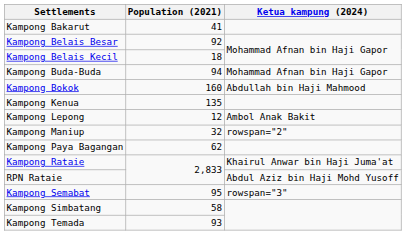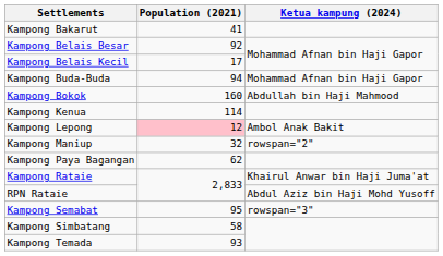 <table class="wikitable">
 <tr>
 <th>Settlements</th>
 <th>Population (2021)</th>
 <th><a href='#'>Ketua kampung</a> (2024)</th>
 </tr>
 <tr>
 <td>Kampong Bakarut</td>
 <td align="right">41</td>
 <td></td>
 </tr>
 <tr>
 <td><a href='#'>Kampong Belais Besar</a></td>
 <td align="right">92</td>
 <td rowspan="2">Mohammad Afnan bin Haji Gapor</td>
 </tr>
 <tr>
 <td><a href='#'>Kampong Belais Kecil</a></td>
-<td align="right">18</td>
+<td align="right">17</td>
 </tr>
 <tr>
 <td>Kampong Buda-Buda</td>
 <td align="right">94</td>
 <td>Mohammad Afnan bin Haji Gapor</td>
 </tr>
 <tr>
 <td><a href='#'>Kampong Bokok</a></td>
 <td align="right">160</td>
 <td>Abdullah bin Haji Mahmood</td>
 </tr>
 <tr>
 <td>Kampong Kenua</td>
-<td align="right">135</td>
+<td align="right">114</td>
 <td></td>
 </tr>
 <tr>
 <td>Kampong Lepong</td>
-<td align="right">12</td>
+<td align="right" style="background: pink;">12</td>
 <td>Ambol Anak Bakit</td>
 </tr>
 <tr>
 <td>Kampong Maniup</td>
 <td align="right">32</td>
 <td>rowspan="2" </td>
 </tr>
 <tr>
 <td>Kampong Paya Bagangan</td>
 <td align="right">62</td>
 </tr>
 <tr>
 <td><a href='#'>Kampong Rataie</a></td>
 <td rowspan="2" align="right">2,833</td>
 <td>Khairul Anwar bin Haji Juma'at</td>
 </tr>
 <tr>
 <td>RPN Rataie</td>
 <td>Abdul Aziz bin Haji Mohd Yusoff</td>
 </tr>
 <tr>
 <td><a href='#'>Kampong Semabat</a></td>
 <td align="right">95</td>
 <td>rowspan="3" </td>
 </tr>
 <tr>
 <td>Kampong Simbatang</td>
 <td align="right">58</td>
 </tr>
 <tr>
 <td>Kampong Temada</td>
 <td align="right">93</td>
 </tr>
 </table>
